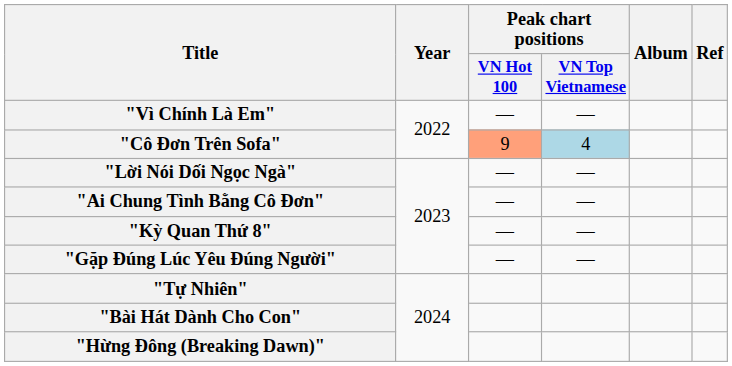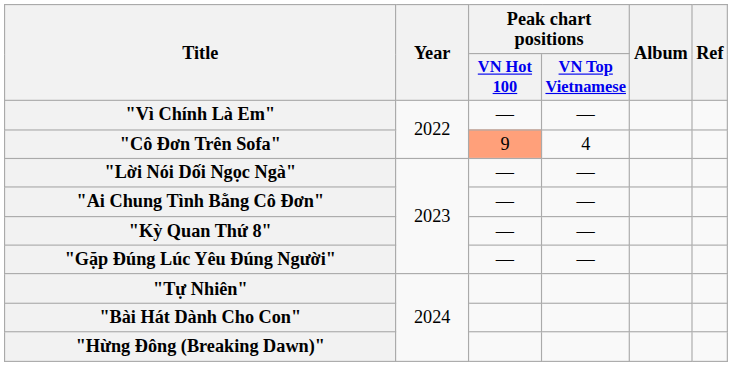 <table class="wikitable plainrowheaders" style="text-align:center;">
 <tr>
 <th scope="col" style="width:21em;" rowspan="2">Title</th>
 <th scope="col" style="width:3.5em;" rowspan="2">Year</th>
 <th colspan="2">Peak chart positions</th>
 <th rowspan="2">Album</th>
 <th scope="col" class="unsortable" rowspan="2">Ref</th>
 </tr>
 <tr>
 <th style="width:4em;font-size:90%;"><a href='#'>VN Hot 100</a><br></th>
 <th style="width:4em;font-size:90%;"><a href='#'>VN Top Vietnamese</a><br></th>
 </tr>
 <tr>
 <th scope="row">"Vì Chính Là Em"</th>
 <td rowspan="2">2022</td>
 <td>—</td>
 <td>—</td>
 <td></td>
 <td></td>
 </tr>
 <tr>
 <th scope="row">"Cô Đơn Trên Sofa"</th>
 <td style="background: lightsalmon;">9</td>
-<td style="background: lightblue;">4</td>
+<td>4</td>
 <td></td>
 <td></td>
 </tr>
 <tr>
 <th scope="row">"Lời Nói Dối Ngọc Ngà"</th>
 <td rowspan="4">2023</td>
 <td>—</td>
 <td>—</td>
 <td></td>
 <td></td>
 </tr>
 <tr>
 <th scope="row">"Ai Chung Tình Bằng Cô Đơn" </th>
 <td>—</td>
 <td>—</td>
 <td></td>
 <td></td>
 </tr>
 <tr>
 <th scope="row">"Kỳ Quan Thứ 8" </th>
 <td>—</td>
 <td>—</td>
 <td></td>
 <td></td>
 </tr>
 <tr>
 <th scope="row">"Gặp Đúng Lúc Yêu Đúng Người"</th>
 <td>—</td>
 <td>—</td>
 <td></td>
 <td></td>
 </tr>
 <tr>
 <th scope="row">"Tự Nhiên"</th>
 <td rowspan="3">2024</td>
 <td></td>
 <td></td>
 <td></td>
 <td></td>
 </tr>
 <tr>
 <th scope="row">"Bài Hát Dành Cho Con"</th>
 <td></td>
 <td></td>
 <td></td>
 <td></td>
 </tr>
 <tr>
 <th scope="row">"Hừng Đông (Breaking Dawn)"</th>
 <td></td>
 <td></td>
 <td></td>
 <td></td>
 </tr>
 </table>
